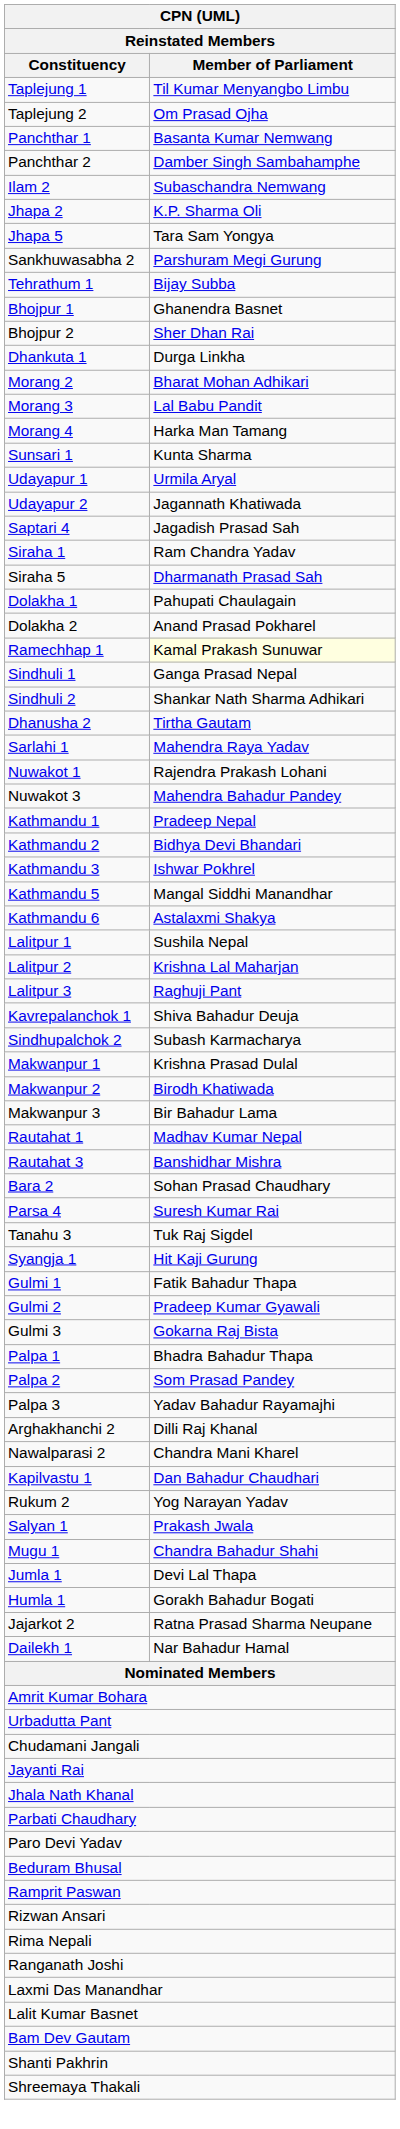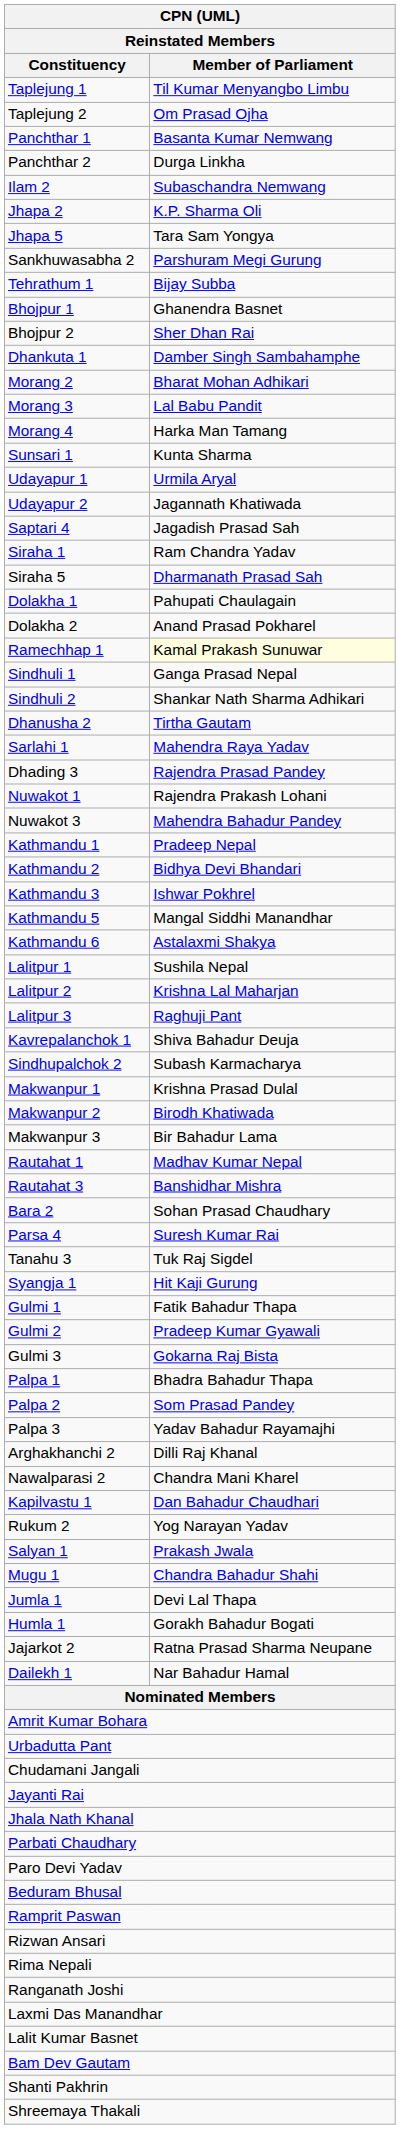 <table role="presentation" class="wikitable mw-collapsible mw-collapsed">
 <tr>
 <th colspan="2" style="width: 300pt; background: ">CPN (UML)</th>
 </tr>
 <tr>
 <th colspan="2">Reinstated Members</th>
 </tr>
 <tr>
 <th>Constituency</th>
 <th>Member of Parliament</th>
 </tr>
 <tr>
 <td><a href='#'>Taplejung 1</a></td>
 <td><a href='#'>Til Kumar Menyangbo Limbu</a></td>
 </tr>
 <tr>
 <td>Taplejung 2</td>
 <td><a href='#'>Om Prasad Ojha</a></td>
 </tr>
 <tr>
 <td><a href='#'>Panchthar 1</a></td>
 <td><a href='#'>Basanta Kumar Nemwang</a></td>
 </tr>
 <tr>
 <td>Panchthar 2</td>
-<td><a href='#'>Damber Singh Sambahamphe</a></td>
+<td>Durga Linkha</td>
 </tr>
 <tr>
 <td><a href='#'>Ilam 2</a></td>
 <td><a href='#'>Subaschandra Nemwang</a></td>
 </tr>
 <tr>
 <td><a href='#'>Jhapa 2</a></td>
 <td><a href='#'>K.P. Sharma Oli</a></td>
 </tr>
 <tr>
 <td><a href='#'>Jhapa 5</a></td>
 <td>Tara Sam Yongya</td>
 </tr>
 <tr>
 <td>Sankhuwasabha 2</td>
 <td><a href='#'>Parshuram Megi Gurung</a></td>
 </tr>
 <tr>
 <td><a href='#'>Tehrathum 1</a></td>
 <td><a href='#'>Bijay Subba</a></td>
 </tr>
 <tr>
 <td><a href='#'>Bhojpur 1</a></td>
 <td>Ghanendra Basnet</td>
 </tr>
 <tr>
 <td>Bhojpur 2</td>
 <td><a href='#'>Sher Dhan Rai</a></td>
 </tr>
 <tr>
 <td><a href='#'>Dhankuta 1</a></td>
-<td>Durga Linkha</td>
+<td><a href='#'>Damber Singh Sambahamphe</a></td>
 </tr>
 <tr>
 <td><a href='#'>Morang 2</a></td>
 <td><a href='#'>Bharat Mohan Adhikari</a></td>
 </tr>
 <tr>
 <td><a href='#'>Morang 3</a></td>
 <td><a href='#'>Lal Babu Pandit</a></td>
 </tr>
 <tr>
 <td><a href='#'>Morang 4</a></td>
 <td>Harka Man Tamang</td>
 </tr>
 <tr>
 <td><a href='#'>Sunsari 1</a></td>
 <td>Kunta Sharma</td>
 </tr>
 <tr>
 <td><a href='#'>Udayapur 1</a></td>
 <td><a href='#'>Urmila Aryal</a></td>
 </tr>
 <tr>
 <td><a href='#'>Udayapur 2</a></td>
 <td>Jagannath Khatiwada</td>
 </tr>
 <tr>
 <td><a href='#'>Saptari 4</a></td>
 <td>Jagadish Prasad Sah</td>
 </tr>
 <tr>
 <td><a href='#'>Siraha 1</a></td>
 <td>Ram Chandra Yadav</td>
 </tr>
 <tr>
 <td>Siraha 5</td>
 <td><a href='#'>Dharmanath Prasad Sah</a></td>
 </tr>
 <tr>
 <td><a href='#'>Dolakha 1</a></td>
 <td>Pahupati Chaulagain</td>
 </tr>
 <tr>
 <td>Dolakha 2</td>
 <td>Anand Prasad Pokharel</td>
 </tr>
 <tr>
 <td><a href='#'>Ramechhap 1</a></td>
 <td style="background: lightyellow;">Kamal Prakash Sunuwar</td>
 </tr>
 <tr>
 <td><a href='#'>Sindhuli 1</a></td>
 <td>Ganga Prasad Nepal</td>
 </tr>
 <tr>
 <td><a href='#'>Sindhuli 2</a></td>
 <td>Shankar Nath Sharma Adhikari</td>
 </tr>
 <tr>
 <td><a href='#'>Dhanusha 2</a></td>
 <td><a href='#'>Tirtha Gautam</a></td>
 </tr>
 <tr>
 <td><a href='#'>Sarlahi 1</a></td>
 <td><a href='#'>Mahendra Raya Yadav</a></td>
+</tr>
+<tr>
+<td>Dhading 3</td>
+<td><a href='#'>Rajendra Prasad Pandey</a></td>
 </tr>
 <tr>
 <td><a href='#'>Nuwakot 1</a></td>
 <td>Rajendra Prakash Lohani</td>
 </tr>
 <tr>
 <td>Nuwakot 3</td>
 <td><a href='#'>Mahendra Bahadur Pandey</a></td>
 </tr>
 <tr>
 <td><a href='#'>Kathmandu 1</a></td>
 <td><a href='#'>Pradeep Nepal</a></td>
 </tr>
 <tr>
 <td><a href='#'>Kathmandu 2</a></td>
 <td><a href='#'>Bidhya Devi Bhandari</a></td>
 </tr>
 <tr>
 <td><a href='#'>Kathmandu 3</a></td>
 <td><a href='#'>Ishwar Pokhrel</a></td>
 </tr>
 <tr>
 <td><a href='#'>Kathmandu 5</a></td>
 <td>Mangal Siddhi Manandhar</td>
 </tr>
 <tr>
 <td><a href='#'>Kathmandu 6</a></td>
 <td><a href='#'>Astalaxmi Shakya</a></td>
 </tr>
 <tr>
 <td><a href='#'>Lalitpur 1</a></td>
 <td>Sushila Nepal</td>
 </tr>
 <tr>
 <td><a href='#'>Lalitpur 2</a></td>
 <td><a href='#'>Krishna Lal Maharjan</a></td>
 </tr>
 <tr>
 <td><a href='#'>Lalitpur 3</a></td>
 <td><a href='#'>Raghuji Pant</a></td>
 </tr>
 <tr>
 <td><a href='#'>Kavrepalanchok 1</a></td>
 <td>Shiva Bahadur Deuja</td>
 </tr>
 <tr>
 <td><a href='#'>Sindhupalchok 2</a></td>
 <td>Subash Karmacharya</td>
 </tr>
 <tr>
 <td><a href='#'>Makwanpur 1</a></td>
 <td>Krishna Prasad Dulal</td>
 </tr>
 <tr>
 <td><a href='#'>Makwanpur 2</a></td>
 <td><a href='#'>Birodh Khatiwada</a></td>
 </tr>
 <tr>
 <td>Makwanpur 3</td>
 <td>Bir Bahadur Lama</td>
 </tr>
 <tr>
 <td><a href='#'>Rautahat 1</a></td>
 <td><a href='#'>Madhav Kumar Nepal</a></td>
 </tr>
 <tr>
 <td><a href='#'>Rautahat 3</a></td>
 <td><a href='#'>Banshidhar Mishra</a></td>
 </tr>
 <tr>
 <td><a href='#'>Bara 2</a></td>
 <td>Sohan Prasad Chaudhary</td>
 </tr>
 <tr>
 <td><a href='#'>Parsa 4</a></td>
 <td><a href='#'>Suresh Kumar Rai</a></td>
 </tr>
 <tr>
 <td>Tanahu 3</td>
 <td>Tuk Raj Sigdel</td>
 </tr>
 <tr>
 <td><a href='#'>Syangja 1</a></td>
 <td><a href='#'>Hit Kaji Gurung</a></td>
 </tr>
 <tr>
 <td><a href='#'>Gulmi 1</a></td>
 <td>Fatik Bahadur Thapa</td>
 </tr>
 <tr>
 <td><a href='#'>Gulmi 2</a></td>
 <td><a href='#'>Pradeep Kumar Gyawali</a></td>
 </tr>
 <tr>
 <td>Gulmi 3</td>
 <td><a href='#'>Gokarna Raj Bista</a></td>
 </tr>
 <tr>
 <td><a href='#'>Palpa 1</a></td>
 <td>Bhadra Bahadur Thapa</td>
 </tr>
 <tr>
 <td><a href='#'>Palpa 2</a></td>
 <td><a href='#'>Som Prasad Pandey</a></td>
 </tr>
 <tr>
 <td>Palpa 3</td>
 <td>Yadav Bahadur Rayamajhi</td>
 </tr>
 <tr>
 <td>Arghakhanchi 2</td>
 <td>Dilli Raj Khanal</td>
 </tr>
 <tr>
 <td>Nawalparasi 2</td>
 <td>Chandra Mani Kharel</td>
 </tr>
 <tr>
 <td><a href='#'>Kapilvastu 1</a></td>
 <td><a href='#'>Dan Bahadur Chaudhari</a></td>
 </tr>
 <tr>
 <td>Rukum 2</td>
 <td>Yog Narayan Yadav</td>
 </tr>
 <tr>
 <td><a href='#'>Salyan 1</a></td>
 <td><a href='#'>Prakash Jwala</a></td>
 </tr>
 <tr>
 <td><a href='#'>Mugu 1</a></td>
 <td><a href='#'>Chandra Bahadur Shahi</a></td>
 </tr>
 <tr>
 <td><a href='#'>Jumla 1</a></td>
 <td>Devi Lal Thapa</td>
 </tr>
 <tr>
 <td><a href='#'>Humla 1</a></td>
 <td>Gorakh Bahadur Bogati</td>
 </tr>
 <tr>
 <td>Jajarkot 2</td>
 <td>Ratna Prasad Sharma Neupane</td>
 </tr>
 <tr>
 <td><a href='#'>Dailekh 1</a></td>
 <td>Nar Bahadur Hamal</td>
 </tr>
 <tr>
 <th colspan="2">Nominated Members</th>
 </tr>
 <tr>
 <td colspan="2"><a href='#'>Amrit Kumar Bohara</a></td>
 </tr>
 <tr>
 <td colspan="2"><a href='#'>Urbadutta Pant</a></td>
 </tr>
 <tr>
 <td colspan="2">Chudamani Jangali</td>
 </tr>
 <tr>
 <td colspan="2"><a href='#'>Jayanti Rai</a></td>
 </tr>
 <tr>
 <td colspan="2"><a href='#'>Jhala Nath Khanal</a></td>
 </tr>
 <tr>
 <td colspan="2"><a href='#'>Parbati Chaudhary</a></td>
 </tr>
 <tr>
 <td colspan="2">Paro Devi Yadav</td>
 </tr>
 <tr>
 <td colspan="2"><a href='#'>Beduram Bhusal</a></td>
 </tr>
 <tr>
 <td colspan="2"><a href='#'>Ramprit Paswan</a></td>
 </tr>
 <tr>
 <td colspan="2">Rizwan Ansari</td>
 </tr>
 <tr>
 <td colspan="2">Rima Nepali</td>
 </tr>
 <tr>
 <td colspan="2">Ranganath Joshi</td>
 </tr>
 <tr>
 <td colspan="2">Laxmi Das Manandhar</td>
 </tr>
 <tr>
 <td colspan="2">Lalit Kumar Basnet</td>
 </tr>
 <tr>
 <td colspan="2"><a href='#'>Bam Dev Gautam</a></td>
 </tr>
 <tr>
 <td colspan="2">Shanti Pakhrin</td>
 </tr>
 <tr>
 <td colspan="2">Shreemaya Thakali</td>
 </tr>
 </table>
